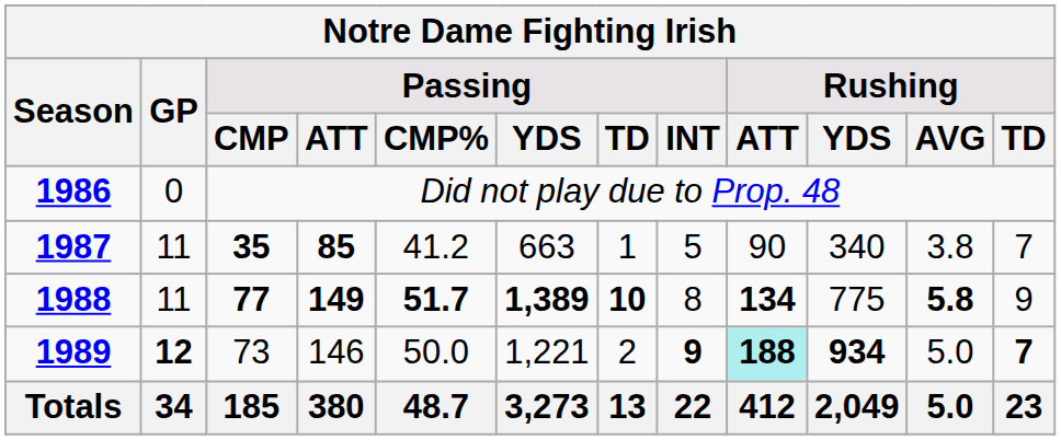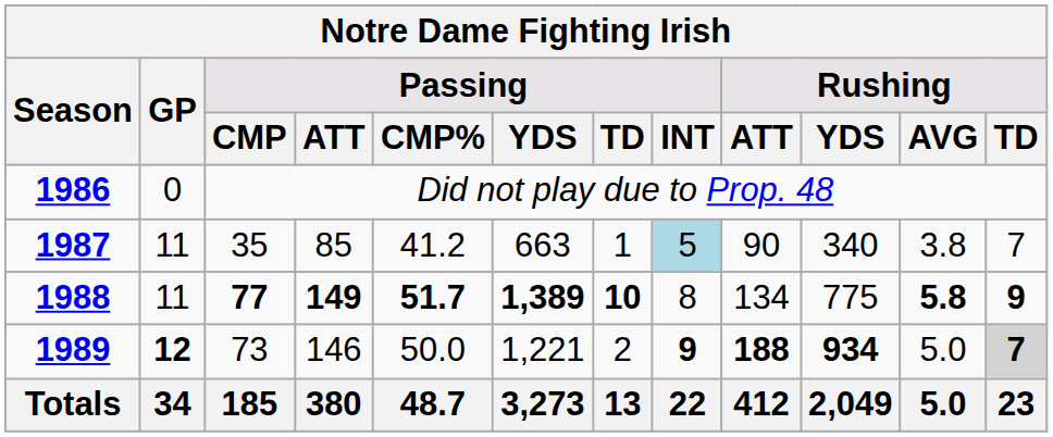 <table class=wikitable style="text-align:center">
 <tr>
 <th colspan="12">Notre Dame Fighting Irish</th>
 </tr>
 <tr>
 <th rowspan="2">Season</th>
 <th rowspan="2">GP</th>
 <th colspan="6" style="background:#e7e3e7;">Passing</th>
 <th colspan="4" style="background:#e7e3e7;">Rushing</th>
 </tr>
 <tr>
 <th>CMP</th>
 <th>ATT</th>
 <th>CMP%</th>
 <th>YDS</th>
 <th>TD</th>
 <th>INT</th>
 <th>ATT</th>
 <th>YDS</th>
 <th>AVG</th>
 <th>TD</th>
 </tr>
 <tr>
 <td><a href='#'><strong>1986</strong></a></td>
 <td>0</td>
 <td colspan="10"><em>Did not play due to <a href='#'>Prop. 48</a></em></td>
 </tr>
 <tr>
 <td><a href='#'><strong>1987</strong></a></td>
 <td>11</td>
-<td><strong>35</strong></td>
-<td><strong>85</strong></td>
+<td>35</td>
+<td>85</td>
 <td>41.2</td>
 <td>663</td>
 <td>1</td>
-<td>5</td>
+<td style="background: lightblue;">5</td>
 <td>90</td>
 <td>340</td>
 <td>3.8</td>
 <td>7</td>
 </tr>
 <tr>
 <td><a href='#'><strong>1988</strong></a></td>
 <td>11</td>
 <td><strong>77</strong></td>
 <td><strong>149</strong></td>
 <td><strong>51.7</strong></td>
 <td><strong>1,389</strong></td>
 <td><strong>10</strong></td>
 <td>8</td>
-<td><strong>134</strong></td>
+<td>134</td>
 <td>775</td>
 <td><strong>5.8</strong></td>
-<td>9</td>
+<td><strong>9</strong></td>
 </tr>
 <tr>
 <td><a href='#'><strong>1989</strong></a></td>
 <td><strong>12</strong></td>
 <td>73</td>
 <td>146</td>
 <td>50.0</td>
 <td>1,221</td>
 <td>2</td>
 <td><strong>9</strong></td>
-<td style="background: paleturquoise;"><strong>188</strong></td>
+<td><strong>188</strong></td>
 <td><strong>934</strong></td>
 <td>5.0</td>
-<td><strong>7</strong></td>
+<td style="background: lightgrey;"><strong>7</strong></td>
 </tr>
 <tr>
 <th>Totals</th>
 <th>34</th>
 <th>185</th>
 <th>380</th>
 <th>48.7</th>
 <th>3,273</th>
 <th>13</th>
 <th>22</th>
 <th>412</th>
 <th>2,049</th>
 <th>5.0</th>
 <th>23</th>
 </tr>
 </table>
